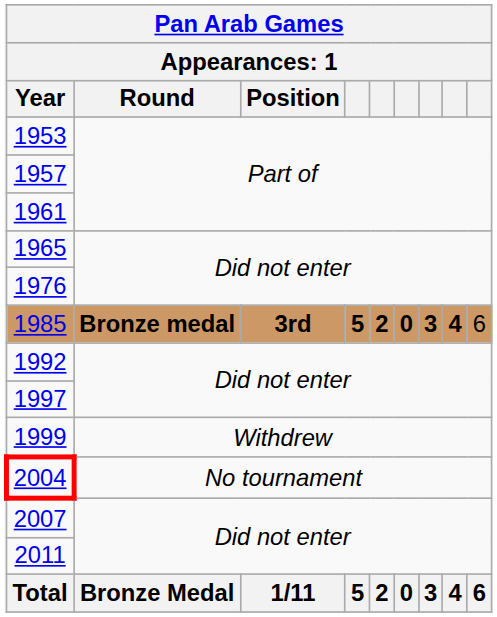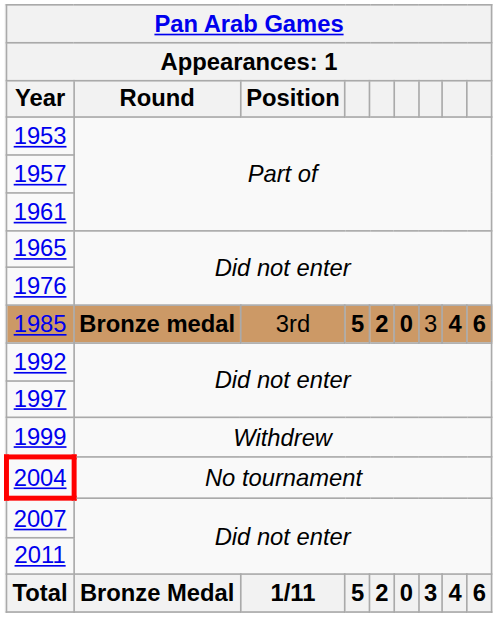 <table class="wikitable" style="text-align: center;font-size:90%;">
 <tr>
 <th colspan=9><a href='#'>Pan Arab Games</a></th>
 </tr>
 <tr>
 <th colspan=9>Appearances: 1</th>
 </tr>
 <tr>
 <th>Year</th>
 <th>Round</th>
 <th>Position</th>
 <th></th>
 <th></th>
 <th></th>
 <th></th>
 <th></th>
 <th></th>
 </tr>
 <tr>
 <td> <a href='#'>1953</a></td>
 <td colspan=8 rowspan=3><em>Part of </em></td>
 </tr>
 <tr>
 <td> <a href='#'>1957</a></td>
 </tr>
 <tr>
 <td> <a href='#'>1961</a></td>
 </tr>
 <tr>
 <td> <a href='#'>1965</a></td>
 <td colspan=8 rowspan=2><em>Did not enter</em></td>
 </tr>
 <tr>
 <td> <a href='#'>1976</a></td>
 </tr>
 <tr style="background:#c96;">
 <td> <a href='#'>1985</a></td>
 <td><strong>Bronze medal </strong></td>
-<td><strong>3rd</strong></td>
+<td>3rd</td>
 <td><strong>5</strong></td>
 <td><strong>2</strong></td>
 <td><strong>0</strong></td>
-<td><strong>3</strong></td>
+<td>3</td>
 <td><strong>4</strong></td>
-<td>6</td>
+<td><strong>6</strong></td>
 </tr>
 <tr>
 <td> <a href='#'>1992</a></td>
 <td rowspan=2 colspan=8><em>Did not enter</em></td>
 </tr>
 <tr>
 <td> <a href='#'>1997</a></td>
 </tr>
 <tr>
 <td> <a href='#'>1999</a></td>
 <td colspan=8><em>Withdrew</em></td>
 </tr>
 <tr>
 <td style="border: 3px solid red"> <a href='#'>2004</a></td>
 <td colspan=8><em>No tournament</em></td>
 </tr>
 <tr>
 <td> <a href='#'>2007</a></td>
 <td rowspan=2 colspan=8><em>Did not enter</em></td>
 </tr>
 <tr>
 <td> <a href='#'>2011</a></td>
 </tr>
 <tr>
 <th>Total</th>
 <th>Bronze Medal</th>
 <th>1/11</th>
 <th>5</th>
 <th>2</th>
 <th>0</th>
 <th>3</th>
 <th>4</th>
 <th>6</th>
 </tr>
 </table>
